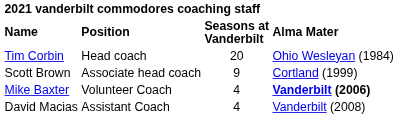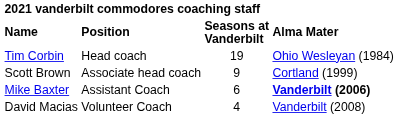 <table class="toccolours" style="text-align: left; font-size:90%;">
 <tr>
 <th colspan="4">2021 vanderbilt commodores coaching staff</th>
 </tr>
 <tr>
 <th>Name</th>
 <th>Position</th>
 <th>Seasons at<br>Vanderbilt</th>
 <th>Alma Mater</th>
 </tr>
 <tr>
 <td><a href='#'>Tim Corbin</a></td>
 <td>Head coach</td>
-<td align=center>20</td>
+<td align=center>19</td>
 <td><a href='#'>Ohio Wesleyan</a> (1984)</td>
 </tr>
 <tr>
 <td>Scott Brown</td>
 <td>Associate head coach</td>
 <td align=center>9</td>
 <td><a href='#'>Cortland</a> (1999)</td>
 </tr>
 <tr>
 <td><a href='#'>Mike Baxter</a></td>
-<td>Volunteer Coach</td>
-<td align=center>4</td>
+<td>Assistant Coach</td>
+<td align=center>6</td>
 <td><strong><a href='#'>Vanderbilt</a> (2006)</strong></td>
 </tr>
 <tr>
 <td>David Macias</td>
-<td>Assistant Coach</td>
+<td>Volunteer Coach</td>
 <td align=center>4</td>
 <td><a href='#'>Vanderbilt</a> (2008)</td>
 </tr>
 </table>
